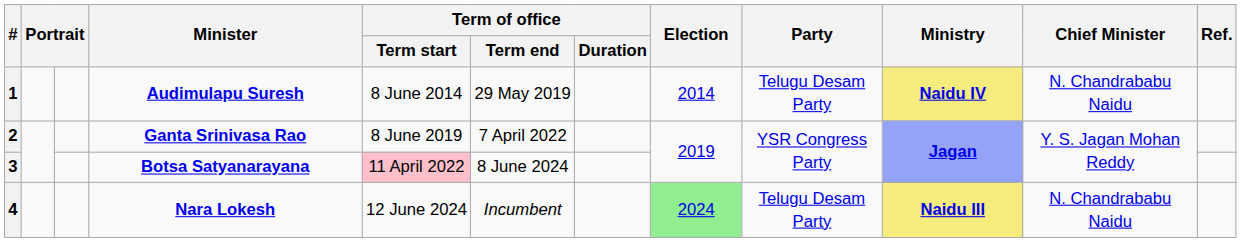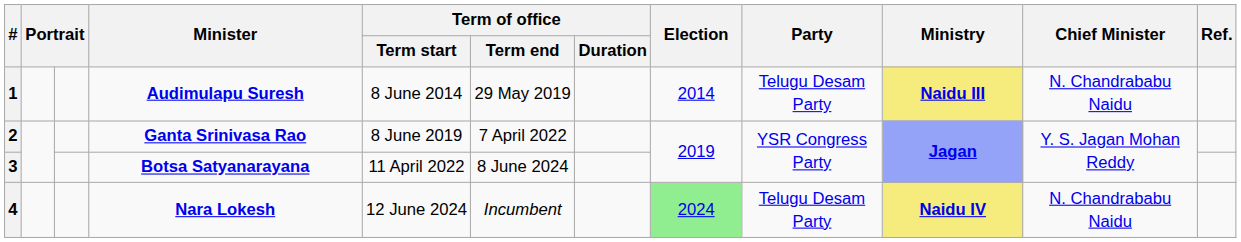 <table class="wikitable" style="line-height:1.4em; text-align:center">
 <tr>
 <th rowspan=2>#</th>
 <th rowspan=2 colspan="2">Portrait</th>
 <th rowspan=2 style="width:16em">Minister<br></th>
 <th colspan="3">Term of office</th>
 <th rowspan=2 style="width:5em">Election<br></th>
 <th rowspan=2 style="width:8em">Party</th>
 <th rowspan=2 style="width:8em">Ministry</th>
 <th rowspan=2 style="width:10em">Chief Minister</th>
 <th rowspan=2>Ref.</th>
 </tr>
 <tr>
 <th>Term start</th>
 <th>Term end</th>
 <th>Duration</th>
 </tr>
 <tr>
 <th>1</th>
 <td></td>
 <td></td>
 <td><strong><a href='#'>Audimulapu Suresh</a></strong><br></td>
 <td>8 June 2014</td>
 <td>29 May 2019</td>
 <td><strong></strong></td>
 <td><a href='#'>2014</a><br></td>
 <td><a href='#'>Telugu Desam Party</a></td>
-<td bgcolor="#F5EC7D"><strong><a href='#'>Naidu IV</a></strong></td>
+<td bgcolor="#F5EC7D"><strong><a href='#'>Naidu III</a></strong></td>
 <td><a href='#'>N. Chandrababu Naidu</a></td>
 <td></td>
 </tr>
 <tr>
 <th>2</th>
 <td rowspan=2></td>
 <td></td>
 <td><strong><a href='#'>Ganta Srinivasa Rao</a></strong><br></td>
 <td>8 June 2019</td>
 <td>7 April 2022</td>
 <td><strong></strong></td>
 <td rowspan=2><a href='#'>2019</a><br></td>
 <td rowspan="2"><a href='#'>YSR Congress Party</a></td>
 <td rowspan=2 bgcolor="#94A2F7"><strong><a href='#'>Jagan</a></strong></td>
 <td rowspan="2"><a href='#'>Y. S. Jagan Mohan Reddy</a></td>
 <td></td>
 </tr>
 <tr>
 <th>3</th>
 <td></td>
 <td><strong><a href='#'>Botsa Satyanarayana</a></strong><br></td>
-<td style="background: pink;">11 April 2022</td>
+<td>11 April 2022</td>
 <td>8 June 2024</td>
 <td><strong></strong></td>
 <td></td>
 </tr>
 <tr>
 <th>4</th>
 <td></td>
 <td></td>
 <td><strong><a href='#'>Nara Lokesh</a></strong><br></td>
 <td>12 June 2024</td>
 <td><em>Incumbent</em></td>
 <td><strong></strong></td>
 <td style="background: lightgreen;"><a href='#'>2024</a><br></td>
 <td><a href='#'>Telugu Desam Party</a></td>
-<td bgcolor="#F5EC7D"><strong><a href='#'>Naidu III</a></strong></td>
+<td bgcolor="#F5EC7D"><strong><a href='#'>Naidu IV</a></strong></td>
 <td><a href='#'>N. Chandrababu Naidu</a></td>
 <td></td>
 </tr>
 </table>
